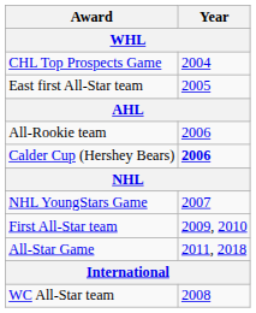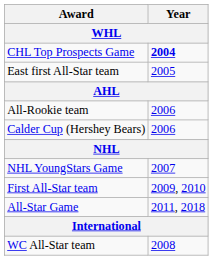 <table class="wikitable">
 <tr>
 <th>Award</th>
 <th>Year</th>
 </tr>
 <tr ALIGN="center" bgcolor="#e0e0e0">
 <th colspan="3"><a href='#'>WHL</a></th>
 </tr>
 <tr>
 <td><a href='#'>CHL Top Prospects Game</a></td>
-<td><a href='#'>2004</a></td>
+<td><strong><a href='#'>2004</a></strong></td>
 </tr>
 <tr>
 <td>East first All-Star team</td>
 <td><a href='#'>2005</a></td>
 </tr>
 <tr ALIGN="center" bgcolor="#e0e0e0">
 <th colspan="3"><a href='#'>AHL</a></th>
 </tr>
 <tr>
 <td>All-Rookie team</td>
 <td><a href='#'>2006</a></td>
 </tr>
 <tr>
 <td><a href='#'>Calder Cup</a> (Hershey Bears)</td>
-<td><strong><a href='#'>2006</a></strong></td>
+<td><a href='#'>2006</a></td>
 </tr>
 <tr ALIGN="center" bgcolor="#e0e0e0">
 <th colspan="3"><a href='#'>NHL</a></th>
 </tr>
 <tr>
 <td><a href='#'>NHL YoungStars Game</a></td>
 <td><a href='#'>2007</a></td>
 </tr>
 <tr>
 <td><a href='#'>First All-Star team</a></td>
 <td><a href='#'>2009</a>, <a href='#'>2010</a></td>
 </tr>
 <tr>
 <td><a href='#'>All-Star Game</a></td>
 <td><a href='#'>2011</a>, <a href='#'>2018</a></td>
 </tr>
 <tr ALIGN="center" bgcolor="#e0e0e0">
 <th colspan="3"><a href='#'>International</a></th>
 </tr>
 <tr>
 <td><a href='#'>WC</a> All-Star team</td>
 <td><a href='#'>2008</a></td>
 </tr>
 </table>
